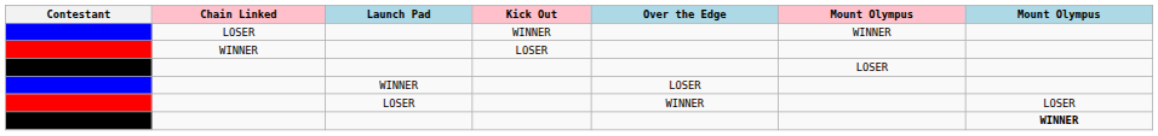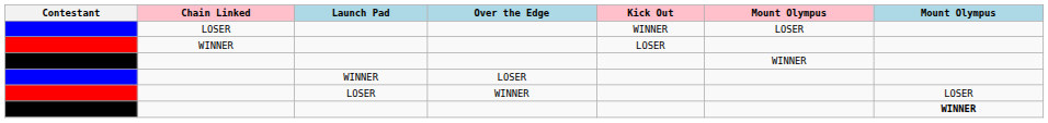 <table class="wikitable" style="text-align:center; font-size:90%; width:100%">
 <tr>
 <th>Contestant</th>
 <th style="background:pink;">Chain Linked</th>
 <th style="background:lightblue;">Launch Pad</th>
+<th style="background:lightblue;">Over the Edge</th>
 <th style="background:pink;">Kick Out</th>
-<th style="background:lightblue;">Over the Edge</th>
 <th style="background:pink;">Mount Olympus</th>
 <th style="background:lightblue;">Mount Olympus</th>
 </tr>
 <tr>
 <td style="background:blue;"></td>
 <td>LOSER</td>
 <td></td>
-<td>WINNER</td>
 <td></td>
 <td>WINNER</td>
+<td>LOSER</td>
 <td></td>
 </tr>
 <tr>
 <td style="background:red;"></td>
 <td>WINNER</td>
 <td></td>
+<td></td>
 <td>LOSER</td>
-<td></td>
 <td></td>
 <td></td>
 </tr>
 <tr>
 <td style="background:black;"></td>
 <td></td>
 <td></td>
 <td></td>
 <td></td>
-<td>LOSER</td>
+<td>WINNER</td>
 <td></td>
 </tr>
 <tr>
 <td style="background:blue;"></td>
 <td></td>
 <td>WINNER</td>
+<td>LOSER</td>
 <td></td>
-<td>LOSER</td>
 <td></td>
 <td></td>
 </tr>
 <tr>
 <td style="background:red;"></td>
 <td></td>
 <td>LOSER</td>
+<td>WINNER</td>
 <td></td>
-<td>WINNER</td>
 <td></td>
 <td>LOSER</td>
 </tr>
 <tr>
 <td style="background:black;"></td>
 <td></td>
 <td></td>
 <td></td>
 <td></td>
 <td></td>
 <td><strong>WINNER</strong></td>
 </tr>
 </table>
